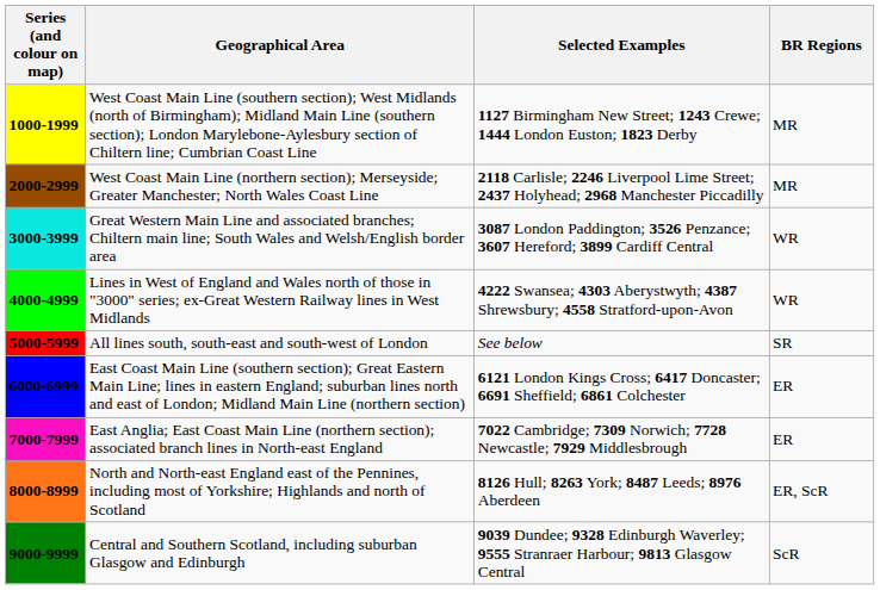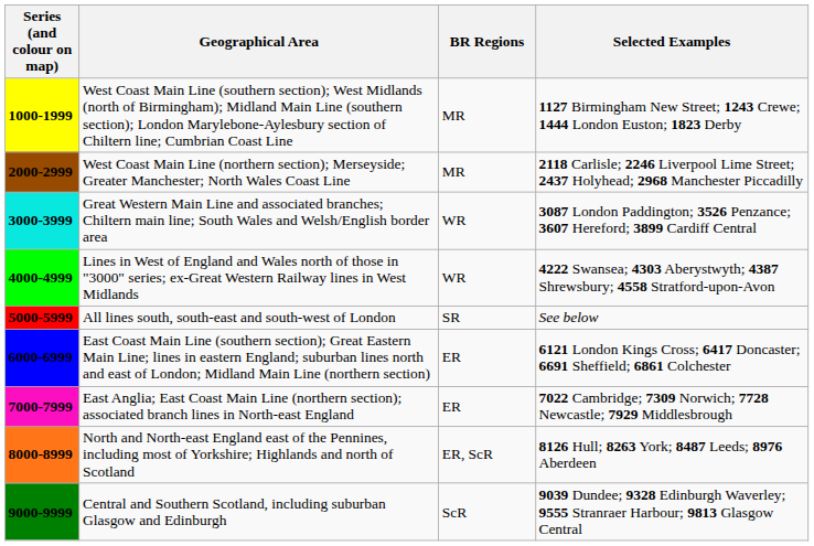 <table class="wikitable">
 <tr>
 <th width="75">Series (and colour on map)</th>
 <th width="400">Geographical Area</th>
+<th width="100">BR Regions</th>
 <th width="300">Selected Examples</th>
-<th width="100">BR Regions</th>
 </tr>
 <tr>
 <td bgcolor=#FFFF00><strong>1000-1999</strong></td>
 <td>West Coast Main Line (southern section); West Midlands (north of Birmingham); Midland Main Line (southern section); London Marylebone-Aylesbury section of Chiltern line; Cumbrian Coast Line</td>
+<td>MR</td>
 <td><strong>1127</strong> Birmingham New Street; <strong>1243</strong> Crewe; <strong>1444</strong> London Euston; <strong>1823</strong> Derby</td>
-<td>MR</td>
 </tr>
 <tr>
 <td bgcolor=#964B00><strong>2000-2999</strong></td>
 <td>West Coast Main Line (northern section); Merseyside; Greater Manchester; North Wales Coast Line</td>
+<td>MR</td>
 <td><strong>2118</strong> Carlisle; <strong>2246</strong> Liverpool Lime Street; <strong>2437</strong> Holyhead; <strong>2968</strong> Manchester Piccadilly</td>
-<td>MR</td>
 </tr>
 <tr>
 <td bgcolor=#08E8DE><strong>3000-3999</strong></td>
 <td>Great Western Main Line and associated branches; Chiltern main line; South Wales and Welsh/English border area</td>
+<td>WR</td>
 <td><strong>3087</strong> London Paddington; <strong>3526</strong> Penzance; <strong>3607</strong> Hereford; <strong>3899</strong> Cardiff Central</td>
-<td>WR</td>
 </tr>
 <tr>
 <td bgcolor=#00FF00><strong>4000-4999</strong></td>
 <td>Lines in West of England and Wales north of those in "3000" series; ex-Great Western Railway lines in West Midlands</td>
+<td>WR</td>
 <td><strong>4222</strong> Swansea; <strong>4303</strong> Aberystwyth; <strong>4387</strong> Shrewsbury; <strong>4558</strong> Stratford-upon-Avon</td>
-<td>WR</td>
 </tr>
 <tr>
 <td bgcolor=#FF0000><strong>5000-5999</strong></td>
 <td>All lines south, south-east and south-west of London</td>
+<td>SR</td>
 <td><em>See below</em></td>
-<td>SR</td>
 </tr>
 <tr>
 <td bgcolor=#0000FF><strong>6000-6999</strong></td>
 <td>East Coast Main Line (southern section); Great Eastern Main Line; lines in eastern England; suburban lines north and east of London; Midland Main Line (northern section)</td>
+<td>ER</td>
 <td><strong>6121</strong> London Kings Cross; <strong>6417</strong> Doncaster; <strong>6691</strong> Sheffield; <strong>6861</strong> Colchester</td>
-<td>ER</td>
 </tr>
 <tr>
 <td bgcolor=#FC0FC0><strong>7000-7999</strong></td>
 <td>East Anglia; East Coast Main Line (northern section); associated branch lines in North-east England</td>
+<td>ER</td>
 <td><strong>7022</strong> Cambridge; <strong>7309</strong> Norwich; <strong>7728</strong> Newcastle; <strong>7929</strong> Middlesbrough</td>
-<td>ER</td>
 </tr>
 <tr>
 <td bgcolor=#FF7518><strong>8000-8999</strong></td>
 <td>North and North-east England east of the Pennines, including most of Yorkshire; Highlands and north of Scotland</td>
+<td>ER, ScR</td>
 <td><strong>8126</strong> Hull; <strong>8263</strong> York; <strong>8487</strong> Leeds; <strong>8976</strong> Aberdeen</td>
-<td>ER, ScR</td>
 </tr>
 <tr>
 <td bgcolor=#008000><strong>9000-9999</strong></td>
 <td>Central and Southern Scotland, including suburban Glasgow and Edinburgh</td>
+<td>ScR</td>
 <td><strong>9039</strong> Dundee; <strong>9328</strong> Edinburgh Waverley; <strong>9555</strong> Stranraer Harbour; <strong>9813</strong> Glasgow Central</td>
-<td>ScR</td>
 </tr>
 </table>
